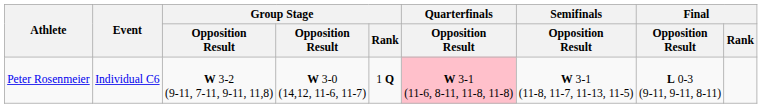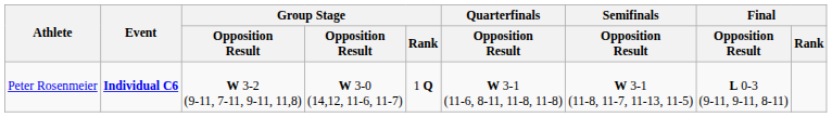 <table class=wikitable style="font-size:90%">
 <tr>
 <th rowspan="2">Athlete</th>
 <th rowspan="2">Event</th>
 <th colspan="3">Group Stage</th>
 <th>Quarterfinals</th>
 <th>Semifinals</th>
 <th colspan="2">Final</th>
 </tr>
 <tr>
 <th>Opposition<br>Result</th>
 <th>Opposition<br>Result</th>
 <th>Rank</th>
 <th>Opposition<br>Result</th>
 <th>Opposition<br>Result</th>
 <th>Opposition<br>Result</th>
 <th>Rank</th>
 </tr>
 <tr align=center>
 <td align=left><a href='#'>Peter Rosenmeier</a></td>
-<td align=left><a href='#'>Individual C6</a></td>
+<td align=left><strong><a href='#'>Individual C6</a></strong></td>
 <td><br><strong>W</strong> 3-2<br>(9-11, 7-11, 9-11, 11,8)</td>
 <td><br><strong>W</strong> 3-0<br>(14,12, 11-6, 11-7)</td>
 <td>1 <strong>Q</strong></td>
-<td style="background: pink;"><br><strong>W</strong> 3-1<br>(11-6, 8-11, 11-8, 11-8)</td>
+<td><br><strong>W</strong> 3-1<br>(11-6, 8-11, 11-8, 11-8)</td>
 <td><br><strong>W</strong> 3-1<br>(11-8, 11-7, 11-13, 11-5)</td>
 <td><br><strong>L</strong> 0-3<br>(9-11, 9-11, 8-11)</td>
 <td></td>
 </tr>
 </table>
